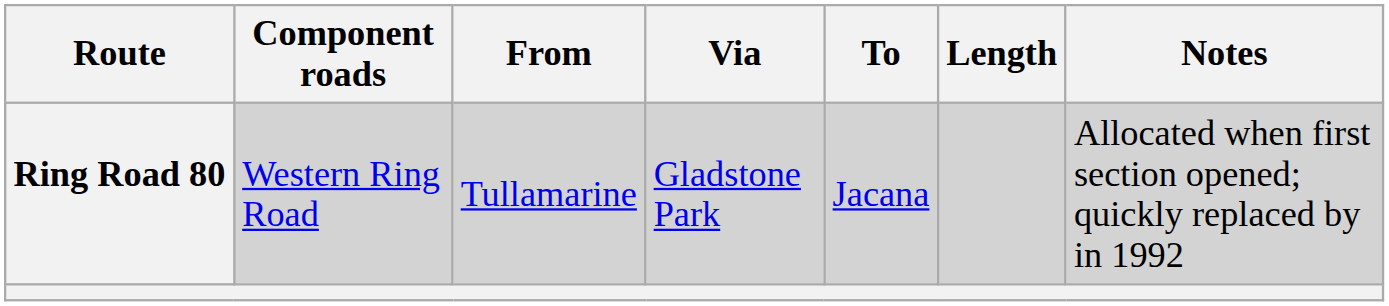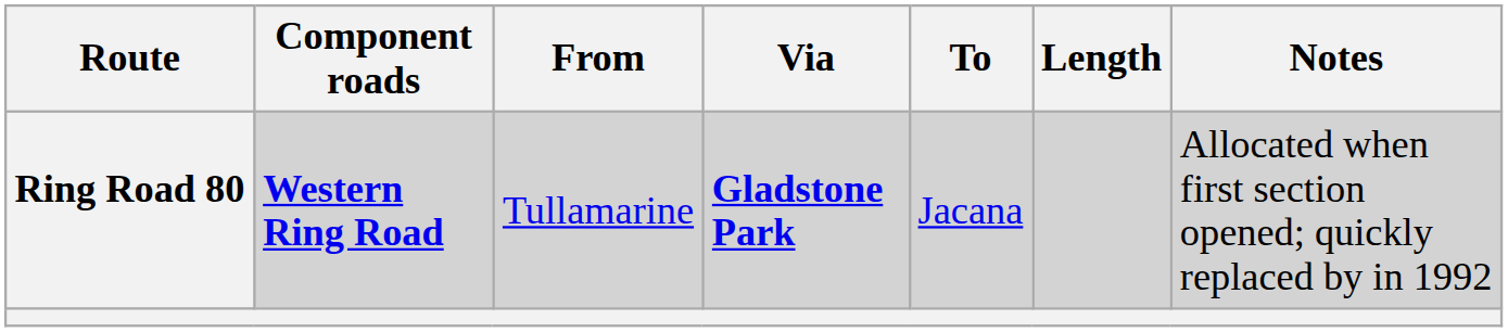 <table class="wikitable sortable">
 <tr>
 <th scope="col">Route</th>
 <th scope="col">Component roads</th>
 <th scope="col">From</th>
 <th scope="col">Via</th>
 <th scope="col">To</th>
 <th scope="col">Length</th>
 <th scope="col">Notes</th>
 </tr>
 <tr style="background:#d3d3d3;">
 <th style="vertical-align:top; white-space:nowrap;"><br>Ring Road 80</th>
-<td><a href='#'>Western Ring Road</a></td>
+<td><strong><a href='#'>Western Ring Road</a></strong></td>
 <td><a href='#'>Tullamarine</a></td>
-<td><a href='#'>Gladstone Park</a></td>
+<td><strong><a href='#'>Gladstone Park</a></strong></td>
 <td><a href='#'>Jacana</a></td>
 <td></td>
 <td>Allocated when first section opened; quickly replaced by  in 1992</td>
 </tr>
 <tr>
 <td colspan="7" style="text-align:center; background:#f2f2f2;"></td>
 </tr>
 </table>
